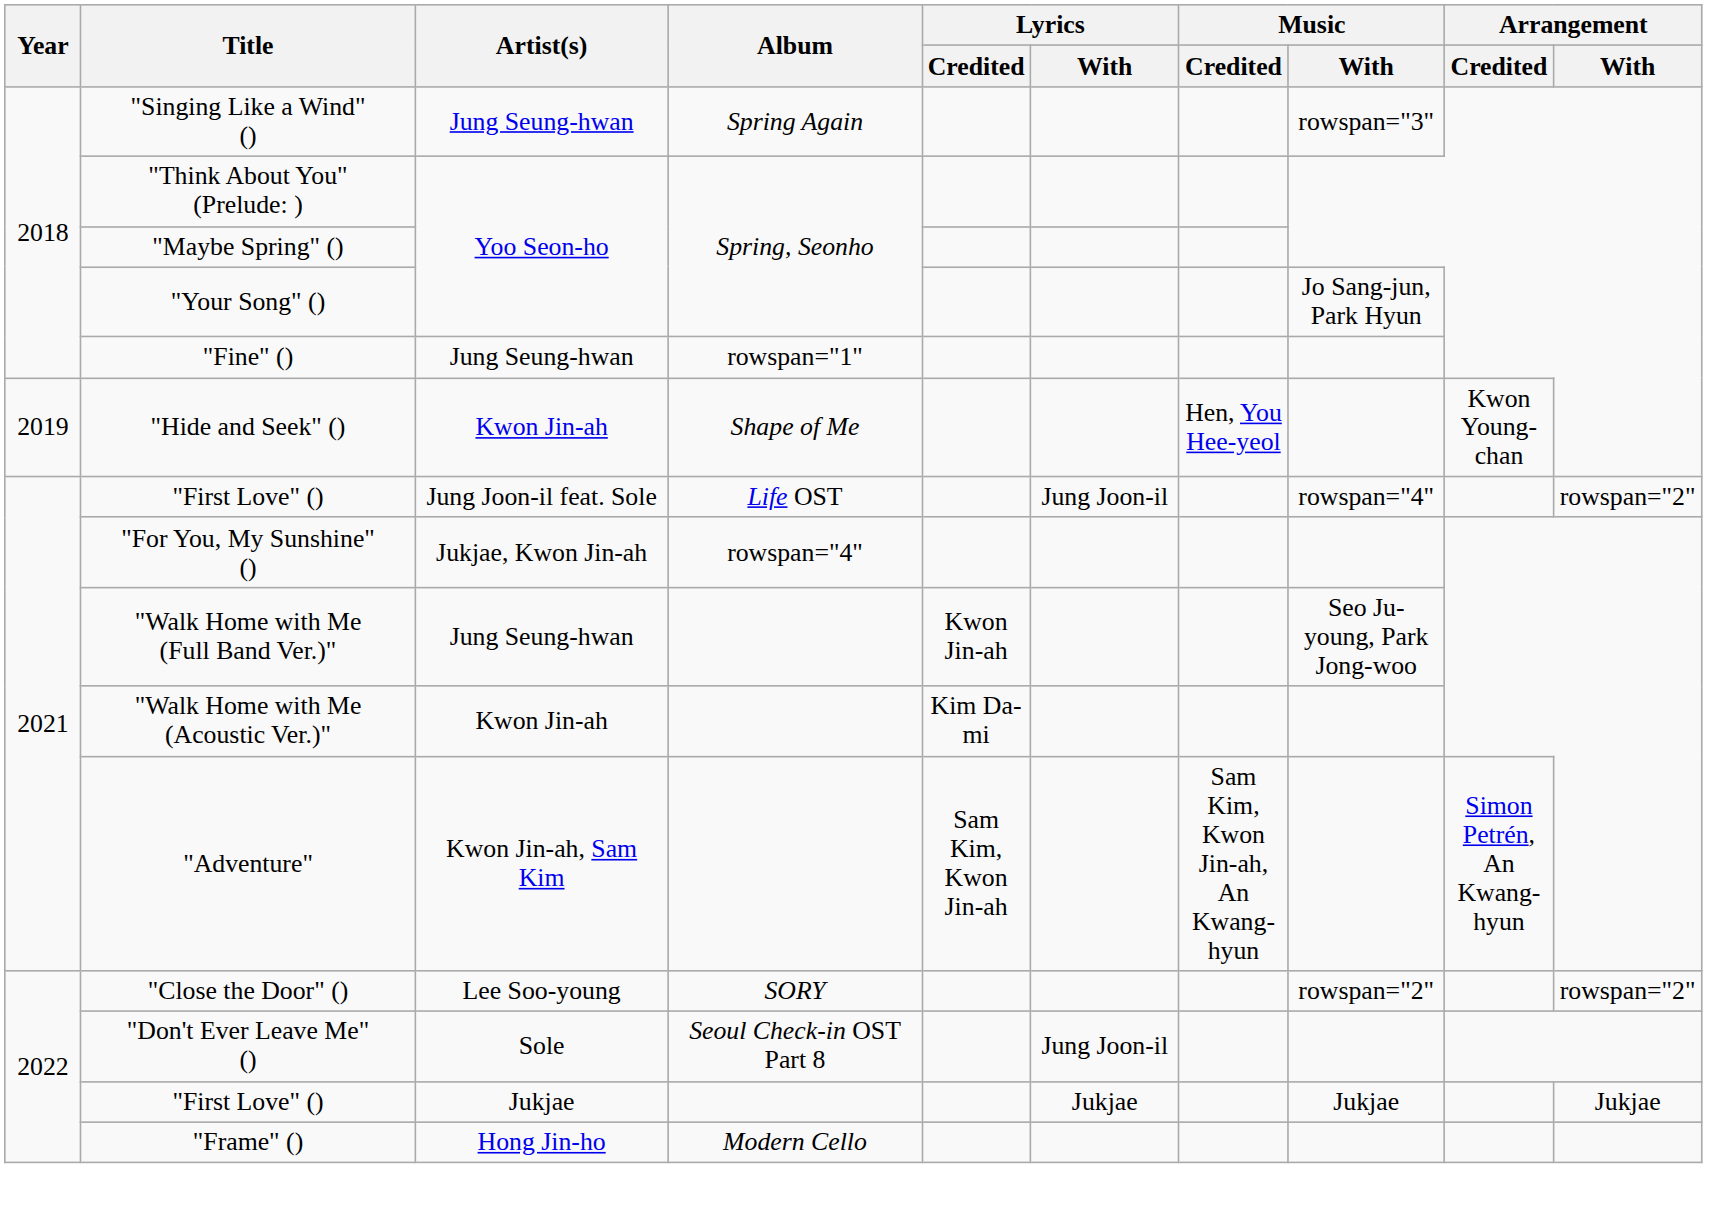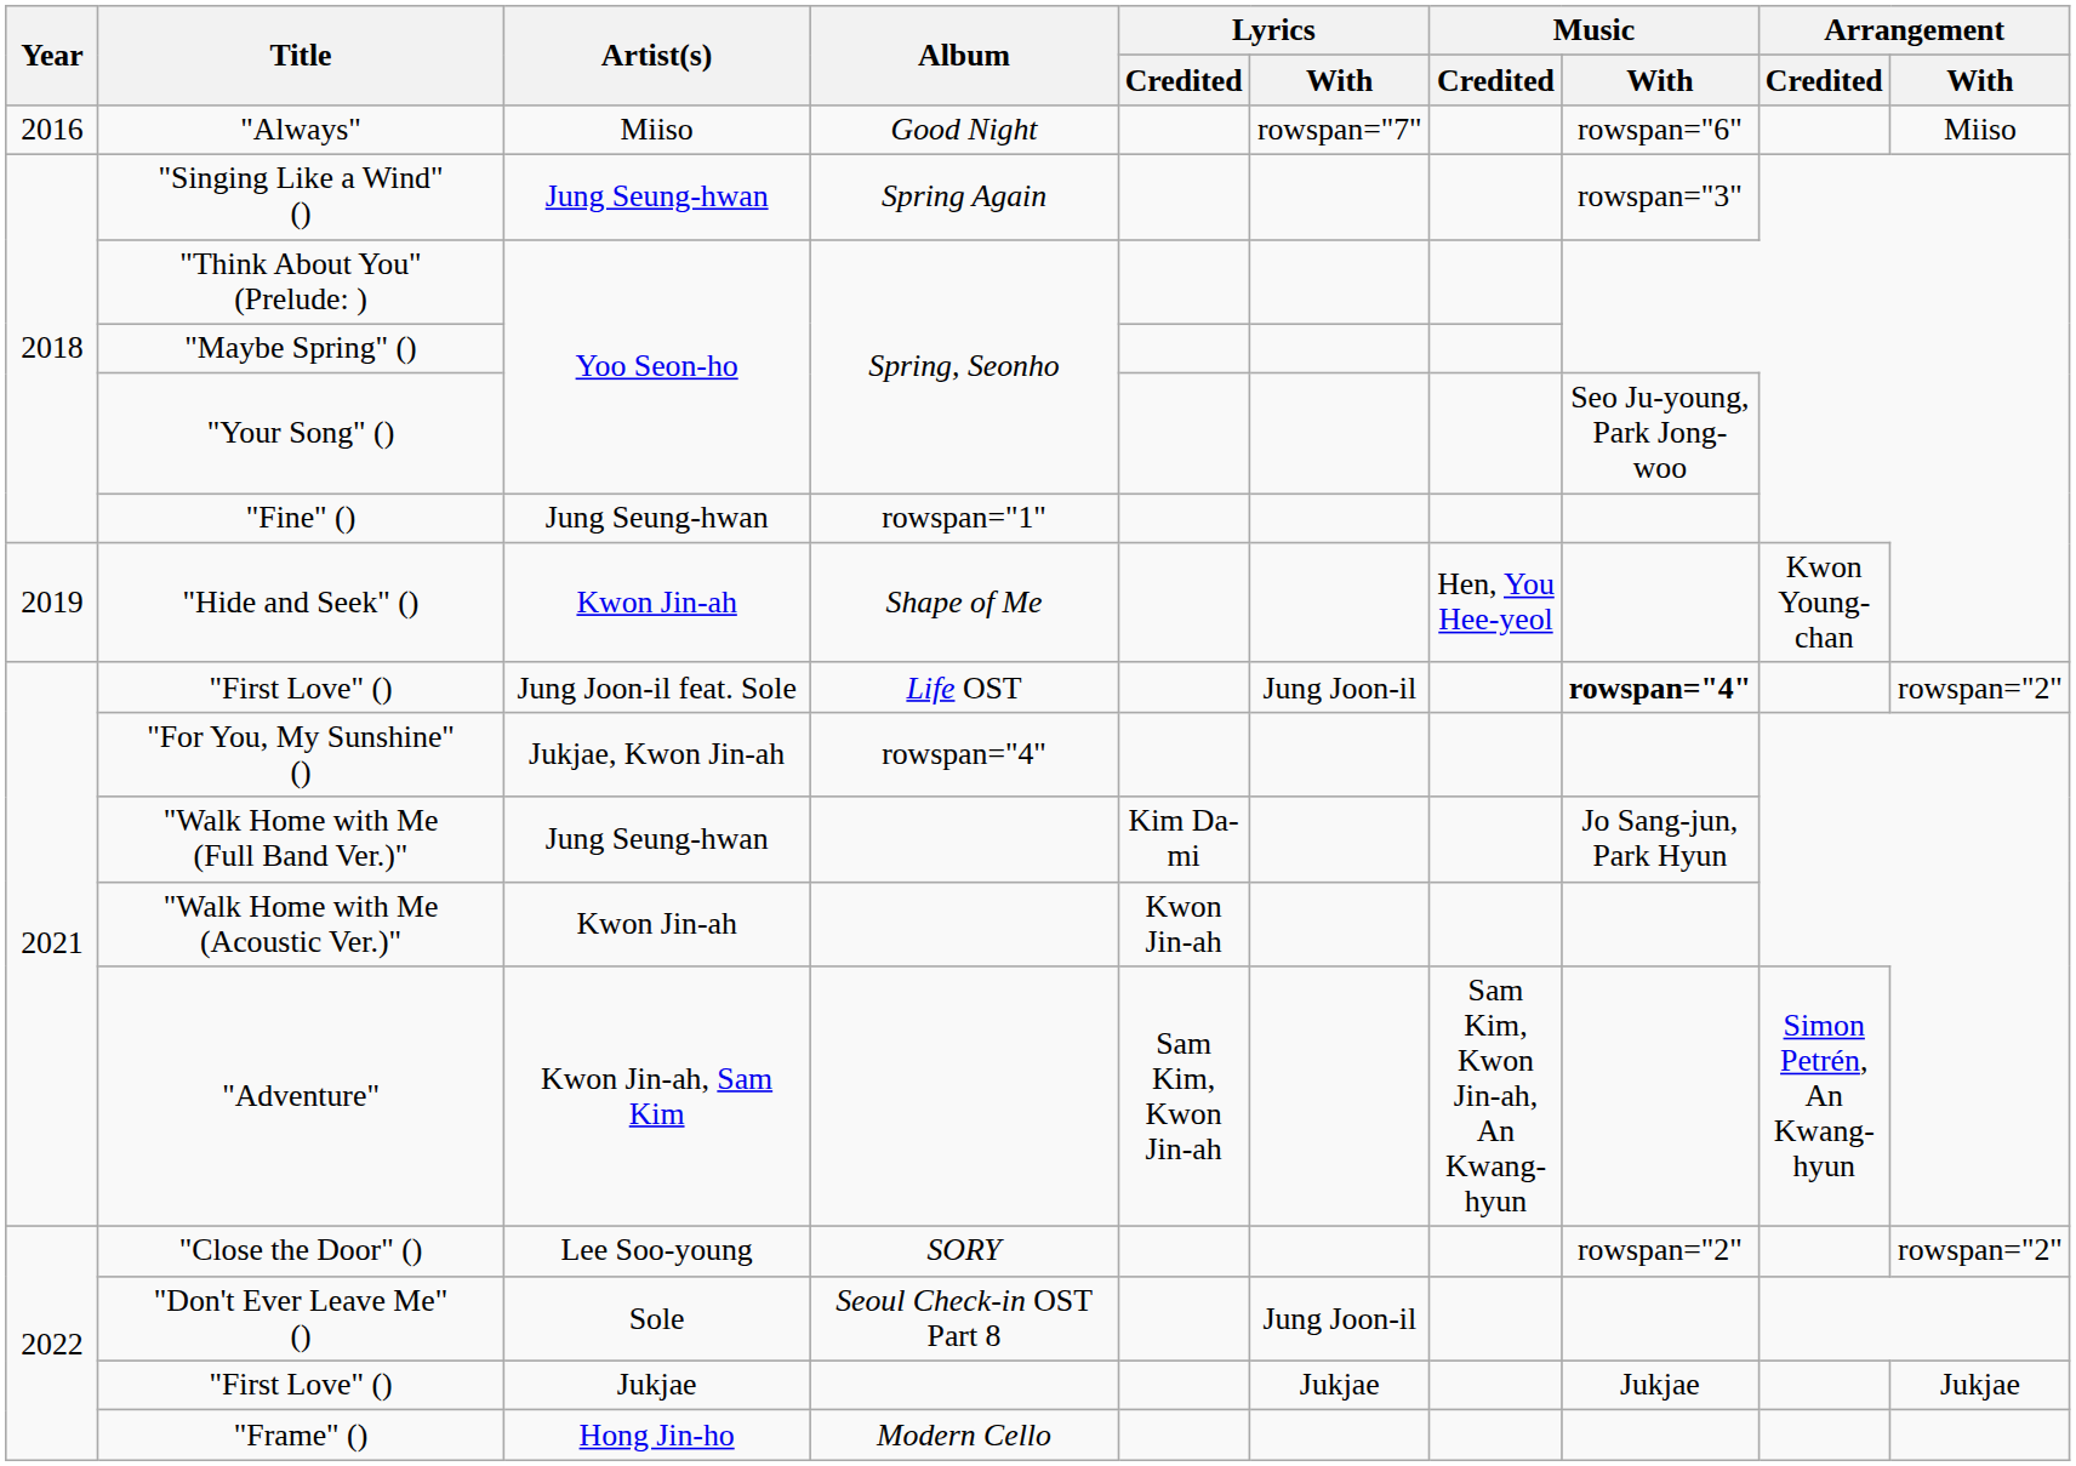 <table class="wikitable plainrowheaders" style="text-align:center;">
 <tr>
 <th rowspan="2" width="40px">Year</th>
 <th rowspan="2" width="200px">Title</th>
 <th rowspan="2" width="150px">Artist(s)</th>
 <th rowspan="2" width="150px">Album</th>
 <th colspan="2">Lyrics</th>
 <th colspan="2">Music</th>
 <th colspan="2">Arrangement</th>
 </tr>
 <tr>
 <th width="50px">Credited</th>
 <th width="85px">With</th>
 <th width="50px">Credited</th>
 <th width="90px">With</th>
 <th width="50px">Credited</th>
 <th width="85px">With</th>
+</tr>
+<tr>
+<td>2016</td>
+<td>"Always"</td>
+<td>Miiso</td>
+<td><em>Good Night</em></td>
+<td></td>
+<td>rowspan="7" </td>
+<td></td>
+<td>rowspan="6" </td>
+<td></td>
+<td>Miiso</td>
 </tr>
 <tr>
 <td rowspan="5">2018</td>
 <td>"Singing Like a Wind"<br>()</td>
 <td><a href='#'>Jung Seung-hwan</a></td>
 <td><em>Spring Again</em></td>
 <td></td>
 <td></td>
 <td></td>
 <td>rowspan="3" </td>
 </tr>
 <tr>
 <td>"Think About You"<br>(Prelude: )</td>
 <td rowspan="3"><a href='#'>Yoo Seon-ho</a></td>
 <td rowspan="3"><em>Spring, Seonho</em></td>
 <td></td>
 <td></td>
 <td></td>
 </tr>
 <tr>
 <td>"Maybe Spring" ()</td>
 <td></td>
 <td></td>
 <td></td>
 </tr>
 <tr>
 <td>"Your Song" ()</td>
 <td></td>
 <td></td>
 <td></td>
-<td>Jo Sang-jun, Park Hyun</td>
+<td>Seo Ju-young, Park Jong-woo</td>
 </tr>
 <tr>
 <td>"Fine" ()</td>
 <td>Jung Seung-hwan</td>
 <td>rowspan="1" </td>
 <td></td>
 <td></td>
 <td></td>
 <td></td>
 </tr>
 <tr>
 <td>2019</td>
 <td>"Hide and Seek" ()</td>
 <td><a href='#'>Kwon Jin-ah</a></td>
 <td><em>Shape of Me</em></td>
 <td></td>
 <td></td>
 <td>Hen, <a href='#'>You Hee-yeol</a></td>
 <td></td>
 <td>Kwon Young-chan</td>
 </tr>
 <tr>
 <td rowspan="5">2021</td>
 <td>"First Love" ()</td>
 <td>Jung Joon-il feat. Sole</td>
 <td><em><a href='#'>Life</a></em> OST</td>
 <td></td>
 <td>Jung Joon-il</td>
 <td></td>
-<td>rowspan="4" </td>
+<td><strong>rowspan="4" </strong></td>
 <td></td>
 <td>rowspan="2" </td>
 </tr>
 <tr>
 <td>"For You, My Sunshine"<br>()</td>
 <td>Jukjae, Kwon Jin-ah</td>
 <td>rowspan="4" </td>
 <td></td>
 <td></td>
 <td></td>
 <td></td>
 </tr>
 <tr>
 <td>"Walk Home with Me<br>(Full Band Ver.)"</td>
 <td>Jung Seung-hwan</td>
 <td></td>
-<td>Kwon Jin-ah</td>
+<td>Kim Da-mi</td>
 <td></td>
 <td></td>
-<td>Seo Ju-young, Park Jong-woo</td>
+<td>Jo Sang-jun, Park Hyun</td>
 </tr>
 <tr>
 <td>"Walk Home with Me<br>(Acoustic Ver.)"</td>
 <td>Kwon Jin-ah</td>
 <td></td>
-<td>Kim Da-mi</td>
+<td>Kwon Jin-ah</td>
 <td></td>
 <td></td>
 <td></td>
 </tr>
 <tr>
 <td>"Adventure"</td>
 <td>Kwon Jin-ah, <a href='#'>Sam Kim</a></td>
 <td></td>
 <td>Sam Kim, Kwon Jin-ah</td>
 <td></td>
 <td>Sam Kim, Kwon Jin-ah, An Kwang-hyun</td>
 <td></td>
 <td><a href='#'>Simon Petrén</a>, An Kwang-hyun</td>
 </tr>
 <tr>
 <td rowspan="4">2022</td>
 <td>"Close the Door" ()</td>
 <td>Lee Soo-young</td>
 <td><em>SORY</em></td>
 <td></td>
 <td></td>
 <td></td>
 <td>rowspan="2"</td>
 <td></td>
 <td>rowspan="2"</td>
 </tr>
 <tr>
 <td>"Don't Ever Leave Me" <br>()</td>
 <td>Sole</td>
 <td><em>Seoul Check-in</em> OST Part 8</td>
 <td></td>
 <td>Jung Joon-il</td>
 <td></td>
 <td></td>
 </tr>
 <tr>
 <td>"First Love" ()</td>
 <td>Jukjae</td>
 <td></td>
 <td></td>
 <td>Jukjae</td>
 <td></td>
 <td>Jukjae</td>
 <td></td>
 <td>Jukjae</td>
 </tr>
 <tr>
 <td>"Frame" ()</td>
 <td><a href='#'>Hong Jin-ho</a></td>
 <td><em>Modern Cello</em></td>
 <td></td>
 <td></td>
 <td></td>
 <td></td>
 <td></td>
 <td></td>
 </tr>
 </table>
